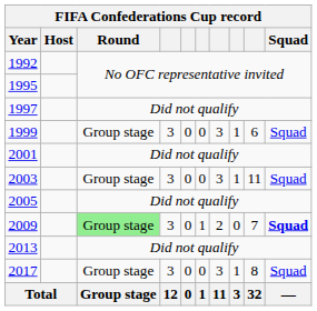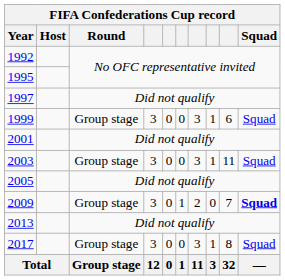 <table class="wikitable" style="text-align: center;font-size:100%;">
 <tr>
 <th colspan="10">FIFA Confederations Cup record</th>
 </tr>
 <tr>
 <th scope="col">Year</th>
 <th scope="col">Host</th>
 <th scope="col">Round</th>
 <th scope="col"></th>
 <th scope="col"></th>
 <th scope="col"></th>
 <th scope="col"></th>
 <th scope="col"></th>
 <th scope="col"></th>
 <th scope="col">Squad</th>
 </tr>
 <tr>
 <td><a href='#'>1992</a></td>
 <td align=left></td>
 <td colspan="8" rowspan=2><em>No OFC representative invited</em></td>
 </tr>
 <tr>
 <td><a href='#'>1995</a></td>
 <td align=left></td>
 </tr>
 <tr>
 <td><a href='#'>1997</a></td>
 <td align=left></td>
 <td colspan="8"><em>Did not qualify</em></td>
 </tr>
 <tr>
 <td><a href='#'>1999</a></td>
 <td align=left></td>
 <td>Group stage</td>
 <td>3</td>
 <td>0</td>
 <td>0</td>
 <td>3</td>
 <td>1</td>
 <td>6</td>
 <td><a href='#'>Squad</a></td>
 </tr>
 <tr>
 <td><a href='#'>2001</a></td>
 <td align=left><br></td>
 <td colspan="8"><em>Did not qualify</em></td>
 </tr>
 <tr>
 <td><a href='#'>2003</a></td>
 <td align=left></td>
 <td>Group stage</td>
 <td>3</td>
 <td>0</td>
 <td>0</td>
 <td>3</td>
 <td>1</td>
 <td>11</td>
 <td><a href='#'>Squad</a></td>
 </tr>
 <tr>
 <td><a href='#'>2005</a></td>
 <td align=left></td>
 <td colspan="9"><em>Did not qualify</em></td>
 </tr>
 <tr>
 <td><a href='#'>2009</a></td>
 <td align=left></td>
-<td style="background: lightgreen;">Group stage</td>
+<td>Group stage</td>
 <td>3</td>
 <td>0</td>
 <td>1</td>
 <td>2</td>
 <td>0</td>
 <td>7</td>
 <td><strong><a href='#'>Squad</a></strong></td>
 </tr>
 <tr>
 <td><a href='#'>2013</a></td>
 <td align=left></td>
 <td colspan="9"><em>Did not qualify</em></td>
 </tr>
 <tr>
 <td><a href='#'>2017</a></td>
 <td align=left></td>
 <td>Group stage</td>
 <td>3</td>
 <td>0</td>
 <td>0</td>
 <td>3</td>
 <td>1</td>
 <td>8</td>
 <td><a href='#'>Squad</a></td>
 </tr>
 <tr>
 <th colspan="2">Total</th>
 <th>Group stage</th>
 <th>12</th>
 <th>0</th>
 <th>1</th>
 <th>11</th>
 <th>3</th>
 <th>32</th>
 <th>—</th>
 </tr>
 </table>
